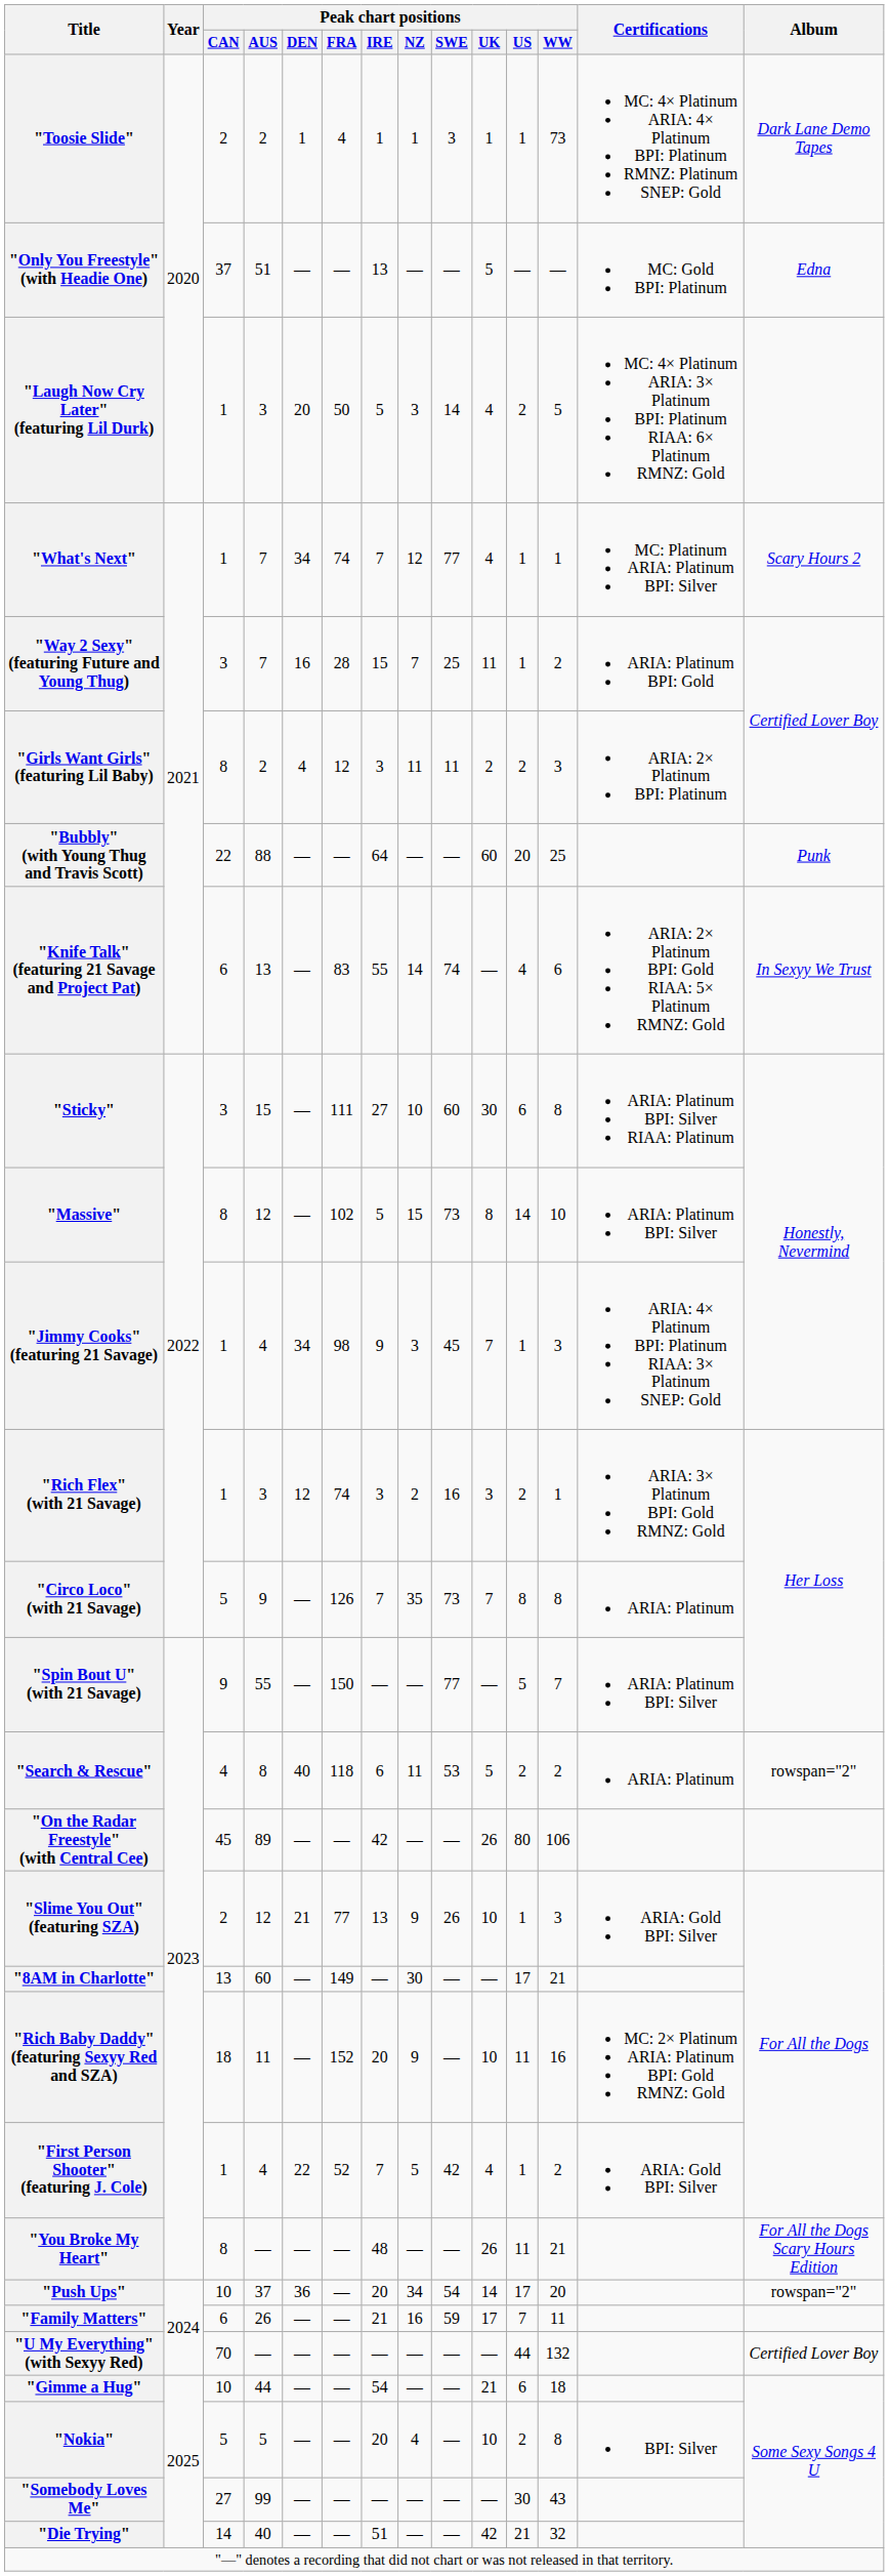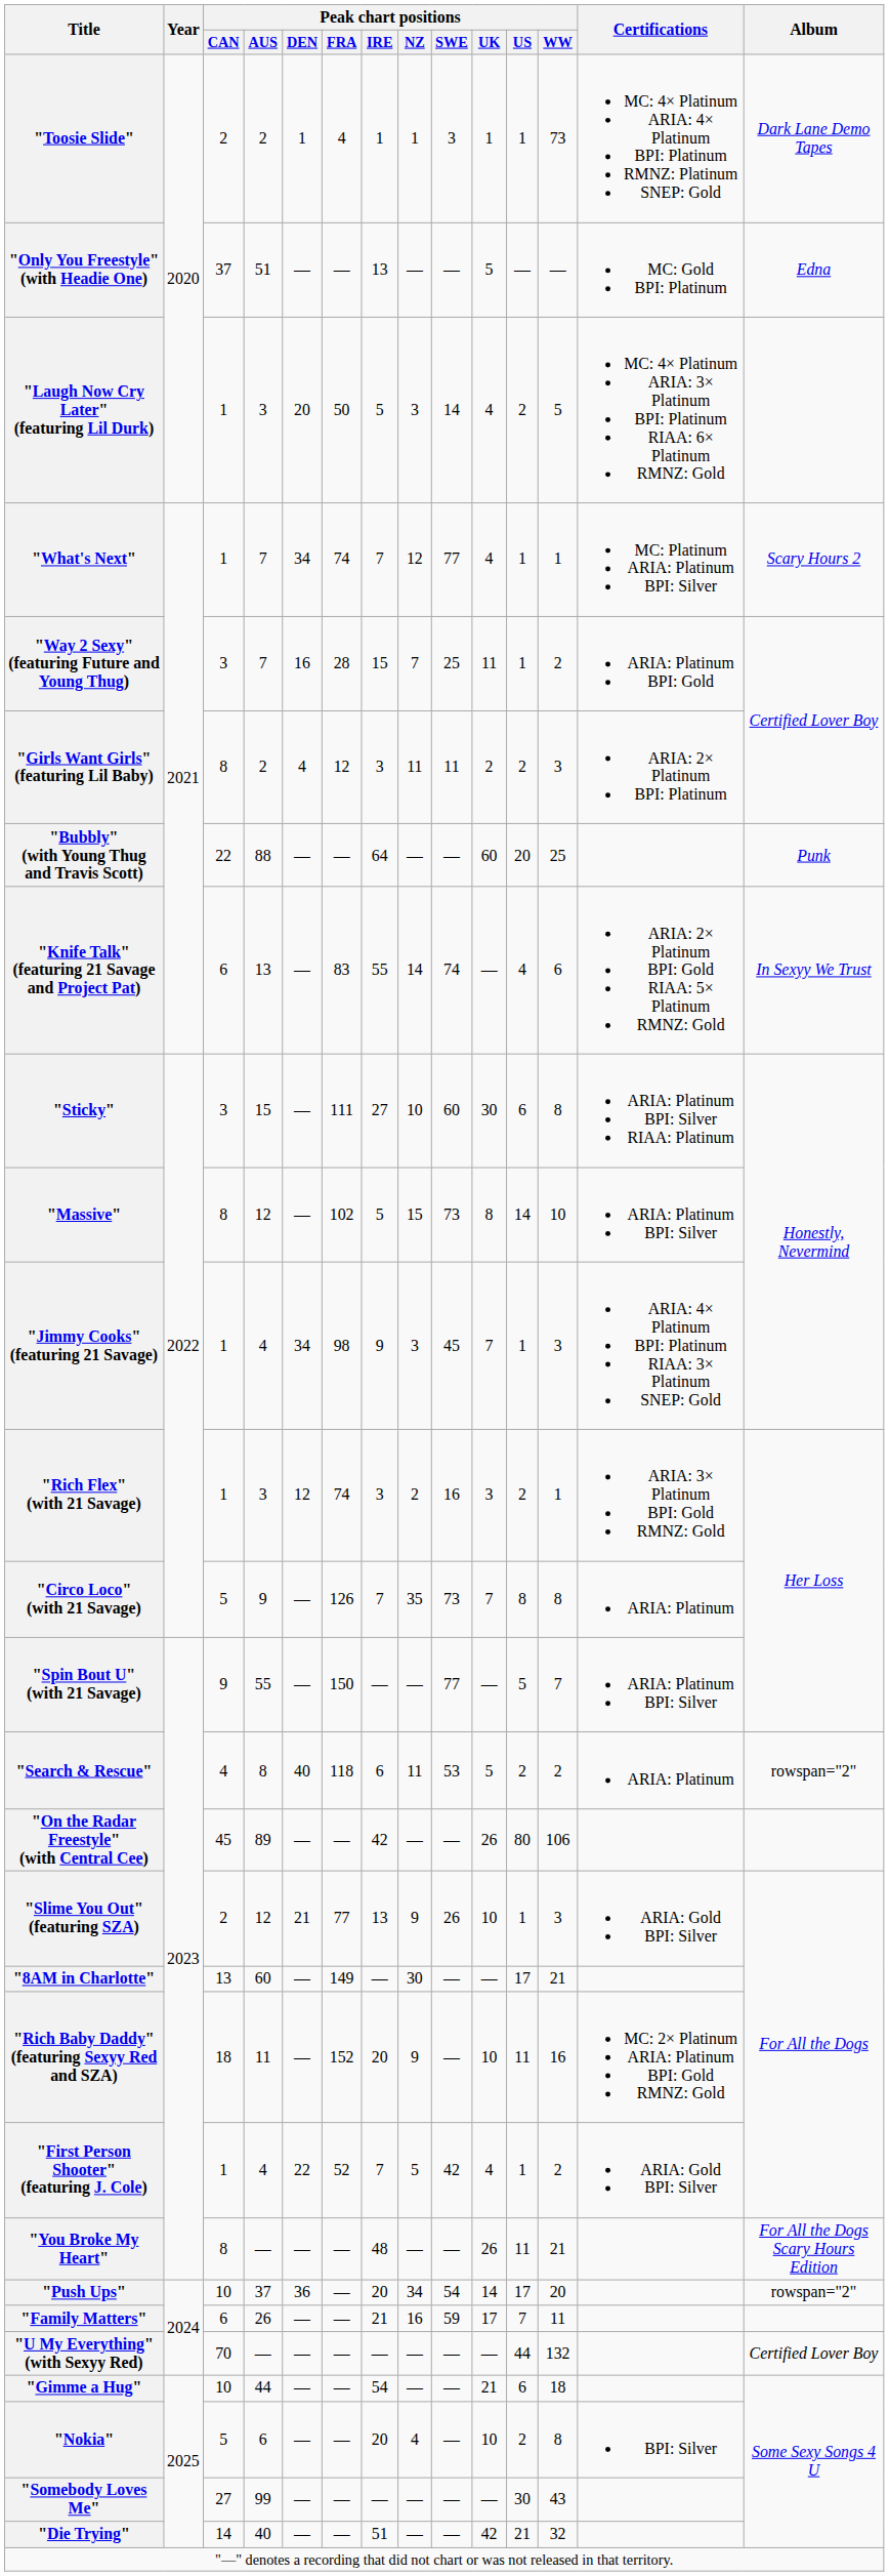 <table class="wikitable plainrowheaders" style="text-align:center;" border="1">
 <tr>
 <th scope="col" rowspan="2" style="width:16em;">Title</th>
 <th scope="col" rowspan="2" style="width:1em;">Year</th>
 <th scope="col" colspan="10">Peak chart positions</th>
 <th scope="col" rowspan="2" style="width:16em;"><a href='#'>Certifications</a></th>
 <th scope="col" rowspan="2" style="width:13em;">Album</th>
 </tr>
 <tr>
 <th scope="col" style="width:2.5em;font-size:90%;"><a href='#'>CAN</a><br></th>
 <th scope="col" style="width:2.5em;font-size:90%;"><a href='#'>AUS</a><br></th>
 <th scope="col" style="width:2.5em;font-size:90%;"><a href='#'>DEN</a><br></th>
 <th scope="col" style="width:2.5em;font-size:90%;"><a href='#'>FRA</a><br></th>
 <th scope="col" style="width:2.5em;font-size:90%;"><a href='#'>IRE</a><br></th>
 <th scope="col" style="width:2.5em;font-size:90%;"><a href='#'>NZ</a><br></th>
 <th scope="col" style="width:2.5em;font-size:90%;"><a href='#'>SWE</a><br></th>
 <th scope="col" style="width:2.5em;font-size:90%;"><a href='#'>UK</a><br></th>
 <th scope="col" style="width:2.5em;font-size:90%;"><a href='#'>US</a><br></th>
 <th scope="col" style="width:2.5em;font-size:90%;"><a href='#'>WW</a><br></th>
 </tr>
 <tr>
 <th scope="row">"<a href='#'>Toosie Slide</a>"</th>
 <td rowspan="3">2020</td>
 <td>2</td>
 <td>2</td>
 <td>1</td>
 <td>4</td>
 <td>1</td>
 <td>1</td>
 <td>3</td>
 <td>1</td>
 <td>1</td>
 <td>73</td>
 <td><br><ul><li>MC: 4× Platinum</li><li>ARIA: 4× Platinum</li><li>BPI: Platinum</li><li>RMNZ: Platinum</li><li>SNEP: Gold</li></ul></td>
 <td><em><a href='#'>Dark Lane Demo Tapes</a></em></td>
 </tr>
 <tr>
 <th scope="row">"<a href='#'>Only You Freestyle</a>"<br><span>(with <a href='#'>Headie One</a>)</span></th>
 <td>37</td>
 <td>51</td>
 <td>—</td>
 <td>—</td>
 <td>13</td>
 <td>—</td>
 <td>—</td>
 <td>5</td>
 <td>—</td>
 <td>—</td>
 <td><br><ul><li>MC: Gold</li><li>BPI: Platinum</li></ul></td>
 <td><em><a href='#'>Edna</a></em></td>
 </tr>
 <tr>
 <th scope="row">"<a href='#'>Laugh Now Cry Later</a>"<br><span>(featuring <a href='#'>Lil Durk</a>)</span></th>
 <td>1</td>
 <td>3</td>
 <td>20</td>
 <td>50</td>
 <td>5</td>
 <td>3</td>
 <td>14</td>
 <td>4</td>
 <td>2</td>
 <td>5</td>
 <td><br><ul><li>MC: 4× Platinum</li><li>ARIA: 3× Platinum</li><li>BPI: Platinum</li><li>RIAA: 6× Platinum</li><li>RMNZ: Gold</li></ul></td>
 <td></td>
 </tr>
 <tr>
 <th scope="row">"<a href='#'>What's Next</a>"</th>
 <td rowspan="5">2021</td>
 <td>1</td>
 <td>7</td>
 <td>34</td>
 <td>74</td>
 <td>7</td>
 <td>12</td>
 <td>77</td>
 <td>4</td>
 <td>1</td>
 <td>1</td>
 <td><br><ul><li>MC: Platinum</li><li>ARIA: Platinum</li><li>BPI: Silver</li></ul></td>
 <td><em><a href='#'>Scary Hours 2</a></em></td>
 </tr>
 <tr>
 <th scope="row">"<a href='#'>Way 2 Sexy</a>"<br><span>(featuring Future and <a href='#'>Young Thug</a>)</span></th>
 <td>3</td>
 <td>7</td>
 <td>16</td>
 <td>28</td>
 <td>15</td>
 <td>7</td>
 <td>25</td>
 <td>11</td>
 <td>1</td>
 <td>2</td>
 <td><br><ul><li>ARIA: Platinum</li><li>BPI: Gold</li></ul></td>
 <td rowspan="2"><em><a href='#'>Certified Lover Boy</a></em></td>
 </tr>
 <tr>
 <th scope="row">"<a href='#'>Girls Want Girls</a>"<br><span>(featuring Lil Baby)</span></th>
 <td>8</td>
 <td>2</td>
 <td>4</td>
 <td>12</td>
 <td>3</td>
 <td>11</td>
 <td>11</td>
 <td>2</td>
 <td>2</td>
 <td>3</td>
 <td><br><ul><li>ARIA: 2× Platinum</li><li>BPI: Platinum</li></ul></td>
 </tr>
 <tr>
 <th scope="row">"<a href='#'>Bubbly</a>"<br><span>(with Young Thug and Travis Scott)</span></th>
 <td>22</td>
 <td>88</td>
 <td>—</td>
 <td>—</td>
 <td>64</td>
 <td>—</td>
 <td>—</td>
 <td>60</td>
 <td>20</td>
 <td>25</td>
 <td></td>
 <td><em><a href='#'>Punk</a></em></td>
 </tr>
 <tr>
 <th scope="row">"<a href='#'>Knife Talk</a>"<br><span>(featuring 21 Savage and <a href='#'>Project Pat</a>)</span></th>
 <td>6</td>
 <td>13</td>
 <td>—</td>
 <td>83</td>
 <td>55</td>
 <td>14</td>
 <td>74</td>
 <td>—</td>
 <td>4</td>
 <td>6</td>
 <td><br><ul><li>ARIA: 2× Platinum</li><li>BPI: Gold</li><li>RIAA: 5× Platinum</li><li>RMNZ: Gold</li></ul></td>
 <td><em><a href='#'>In Sexyy We Trust</a></em></td>
 </tr>
 <tr>
 <th scope="row">"<a href='#'>Sticky</a>"</th>
 <td rowspan="5">2022</td>
 <td>3</td>
 <td>15</td>
 <td>—</td>
 <td>111</td>
 <td>27</td>
 <td>10</td>
 <td>60</td>
 <td>30</td>
 <td>6</td>
 <td>8</td>
 <td><br><ul><li>ARIA: Platinum</li><li>BPI: Silver</li><li>RIAA: Platinum</li></ul></td>
 <td rowspan="3"><em><a href='#'>Honestly, Nevermind</a></em></td>
 </tr>
 <tr>
 <th scope="row">"<a href='#'>Massive</a>"</th>
 <td>8</td>
 <td>12</td>
 <td>—</td>
 <td>102</td>
 <td>5</td>
 <td>15</td>
 <td>73</td>
 <td>8</td>
 <td>14</td>
 <td>10</td>
 <td><br><ul><li>ARIA: Platinum</li><li>BPI: Silver</li></ul></td>
 </tr>
 <tr>
 <th scope="row">"<a href='#'>Jimmy Cooks</a>"<br><span>(featuring 21 Savage)</span></th>
 <td>1</td>
 <td>4</td>
 <td>34</td>
 <td>98</td>
 <td>9</td>
 <td>3</td>
 <td>45</td>
 <td>7</td>
 <td>1</td>
 <td>3</td>
 <td><br><ul><li>ARIA: 4× Platinum</li><li>BPI: Platinum</li><li>RIAA: 3× Platinum</li><li>SNEP: Gold</li></ul></td>
 </tr>
 <tr>
 <th scope="row">"<a href='#'>Rich Flex</a>"<br><span>(with 21 Savage)</span></th>
 <td>1</td>
 <td>3</td>
 <td>12</td>
 <td>74</td>
 <td>3</td>
 <td>2</td>
 <td>16</td>
 <td>3</td>
 <td>2</td>
 <td>1</td>
 <td><br><ul><li>ARIA: 3× Platinum</li><li>BPI: Gold</li><li>RMNZ: Gold</li></ul></td>
 <td rowspan="3"><em><a href='#'>Her Loss</a></em></td>
 </tr>
 <tr>
 <th scope="row">"<a href='#'>Circo Loco</a>"<br><span>(with 21 Savage)</span></th>
 <td>5</td>
 <td>9</td>
 <td>—</td>
 <td>126</td>
 <td>7</td>
 <td>35</td>
 <td>73</td>
 <td>7</td>
 <td>8</td>
 <td>8</td>
 <td><br><ul><li>ARIA: Platinum</li></ul></td>
 </tr>
 <tr>
 <th scope="row">"<a href='#'>Spin Bout U</a>"<br><span>(with 21 Savage)</span></th>
 <td rowspan="8">2023</td>
 <td>9</td>
 <td>55</td>
 <td>—</td>
 <td>150</td>
 <td>—</td>
 <td>—</td>
 <td>77</td>
 <td>—</td>
 <td>5</td>
 <td>7</td>
 <td><br><ul><li>ARIA: Platinum</li><li>BPI: Silver</li></ul></td>
 </tr>
 <tr>
 <th scope="row">"<a href='#'>Search & Rescue</a>"</th>
 <td>4</td>
 <td>8</td>
 <td>40</td>
 <td>118</td>
 <td>6</td>
 <td>11</td>
 <td>53</td>
 <td>5</td>
 <td>2</td>
 <td>2</td>
 <td><br><ul><li>ARIA: Platinum</li></ul></td>
 <td>rowspan="2" </td>
 </tr>
 <tr>
 <th scope="row">"<a href='#'>On the Radar Freestyle</a>"<br><span>(with <a href='#'>Central Cee</a>)</span></th>
 <td>45</td>
 <td>89</td>
 <td>—</td>
 <td>—</td>
 <td>42</td>
 <td>—</td>
 <td>—</td>
 <td>26</td>
 <td>80</td>
 <td>106</td>
 <td></td>
 </tr>
 <tr>
 <th scope="row">"<a href='#'>Slime You Out</a>"<br><span>(featuring <a href='#'>SZA</a>)</span></th>
 <td>2</td>
 <td>12</td>
 <td>21</td>
 <td>77</td>
 <td>13</td>
 <td>9</td>
 <td>26</td>
 <td>10</td>
 <td>1</td>
 <td>3</td>
 <td><br><ul><li>ARIA: Gold</li><li>BPI: Silver</li></ul></td>
 <td rowspan="4"><em><a href='#'>For All the Dogs</a></em></td>
 </tr>
 <tr>
 <th scope="row">"<a href='#'>8AM in Charlotte</a>"</th>
 <td>13</td>
 <td>60</td>
 <td>—</td>
 <td>149</td>
 <td>—</td>
 <td>30</td>
 <td>—</td>
 <td>—</td>
 <td>17</td>
 <td>21</td>
 <td></td>
 </tr>
 <tr>
 <th scope="row">"<a href='#'>Rich Baby Daddy</a>"<br><span>(featuring <a href='#'>Sexyy Red</a> and SZA)</span></th>
 <td>18</td>
 <td>11</td>
 <td>—</td>
 <td>152</td>
 <td>20</td>
 <td>9</td>
 <td>—</td>
 <td>10</td>
 <td>11</td>
 <td>16</td>
 <td><br><ul><li>MC: 2× Platinum</li><li>ARIA: Platinum</li><li>BPI: Gold</li><li>RMNZ: Gold</li></ul></td>
 </tr>
 <tr>
 <th scope="row">"<a href='#'>First Person Shooter</a>"<br><span>(featuring <a href='#'>J. Cole</a>)</span></th>
 <td>1</td>
 <td>4</td>
 <td>22</td>
 <td>52</td>
 <td>7</td>
 <td>5</td>
 <td>42</td>
 <td>4</td>
 <td>1</td>
 <td>2</td>
 <td><br><ul><li>ARIA: Gold</li><li>BPI: Silver</li></ul></td>
 </tr>
 <tr>
 <th scope="row">"<a href='#'>You Broke My Heart</a>"</th>
 <td>8</td>
 <td>—</td>
 <td>—</td>
 <td>—</td>
 <td>48</td>
 <td>—</td>
 <td>—</td>
 <td>26</td>
 <td>11</td>
 <td>21</td>
 <td></td>
 <td><em><a href='#'>For All the Dogs Scary Hours Edition</a></em></td>
 </tr>
 <tr>
 <th scope="row">"<a href='#'>Push Ups</a>"</th>
 <td rowspan="3">2024</td>
 <td>10</td>
 <td>37</td>
 <td>36</td>
 <td>—</td>
 <td>20</td>
 <td>34</td>
 <td>54</td>
 <td>14</td>
 <td>17</td>
 <td>20</td>
 <td></td>
 <td>rowspan="2" </td>
 </tr>
 <tr>
 <th scope="row">"<a href='#'>Family Matters</a>"</th>
 <td>6</td>
 <td>26</td>
 <td>—</td>
 <td>—</td>
 <td>21</td>
 <td>16</td>
 <td>59</td>
 <td>17</td>
 <td>7</td>
 <td>11</td>
 <td></td>
 </tr>
 <tr>
 <th scope="row">"<a href='#'>U My Everything</a>"<br><span>(with Sexyy Red)</span></th>
 <td>70</td>
 <td>—</td>
 <td>—</td>
 <td>—</td>
 <td>—</td>
 <td>—</td>
 <td>—</td>
 <td>—</td>
 <td>44</td>
 <td>132</td>
 <td></td>
 <td><em>Certified Lover Boy</em></td>
 </tr>
 <tr>
 <th scope="row">"<a href='#'>Gimme a Hug</a>"</th>
 <td rowspan="4">2025</td>
 <td>10</td>
 <td>44</td>
 <td>—</td>
 <td>—</td>
 <td>54</td>
 <td>—</td>
 <td>—</td>
 <td>21</td>
 <td>6</td>
 <td>18</td>
 <td></td>
 <td rowspan="4"><em><a href='#'>Some Sexy Songs 4 U</a></em></td>
 </tr>
 <tr>
 <th scope="row">"<a href='#'>Nokia</a>"</th>
 <td>5</td>
-<td>5<br></td>
+<td>6<br></td>
 <td>—</td>
 <td>—</td>
 <td>20<br></td>
 <td>4<br></td>
 <td>—</td>
 <td>10</td>
 <td>2</td>
 <td>8</td>
 <td><br><ul><li>BPI: Silver</li></ul></td>
 </tr>
 <tr>
 <th scope="row">"<a href='#'>Somebody Loves Me</a>"<br></th>
 <td>27</td>
 <td>99</td>
 <td>—</td>
 <td>—</td>
 <td>—</td>
 <td>—</td>
 <td>—</td>
 <td>—</td>
 <td>30</td>
 <td>43</td>
 <td></td>
 </tr>
 <tr>
 <th scope="row">"<a href='#'>Die Trying</a>"<br></th>
 <td>14</td>
 <td>40<br></td>
 <td>—</td>
 <td>—</td>
 <td>51<br></td>
 <td>—</td>
 <td>—</td>
 <td>42</td>
 <td>21</td>
 <td>32</td>
 <td></td>
 </tr>
 <tr>
 <td colspan="14" style="font-size:90%">"—" denotes a recording that did not chart or was not released in that territory.</td>
 </tr>
 </table>
